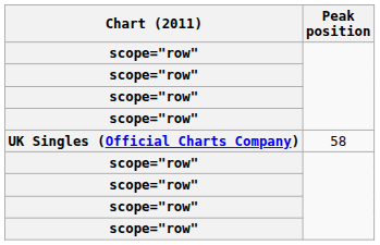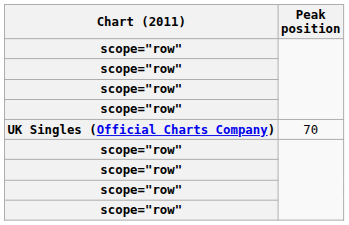 <table class="wikitable sortable plainrowheaders" style="text-align:center;">
 <tr>
 <th scope="col">Chart (2011)</th>
 <th scope="col">Peak<br>position</th>
 </tr>
 <tr>
 <th>scope="row"</th>
 </tr>
 <tr>
 <th>scope="row"</th>
 </tr>
 <tr>
 <th>scope="row"</th>
 </tr>
 <tr>
 <th>scope="row"</th>
 </tr>
 <tr>
 <th scope="row">UK Singles (<a href='#'>Official Charts Company</a>)</th>
-<td style="text-align:center;">58</td>
+<td style="text-align:center;">70</td>
 </tr>
 <tr>
 <th>scope="row"</th>
 </tr>
 <tr>
 <th>scope="row"</th>
 </tr>
 <tr>
 <th>scope="row"</th>
 </tr>
 <tr>
 <th>scope="row"</th>
 </tr>
 </table>
